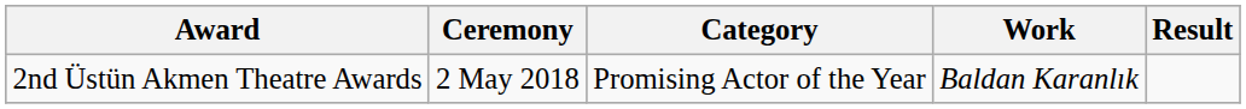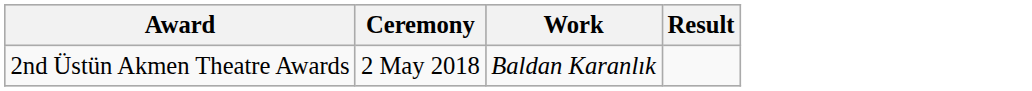 <table class="wikitable sortable" style="font-size: 95%; valign:center">
 <tr>
 <th scope="col">Award</th>
 <th scope="col" class="unsortable">Ceremony</th>
-<th scope="col">Category</th>
 <th scope="col">Work</th>
 <th scope="col">Result</th>
 </tr>
 <tr>
 <td>2nd Üstün Akmen Theatre Awards</td>
 <td>2 May 2018</td>
-<td>Promising Actor of the Year</td>
 <td><em>Baldan Karanlık</em></td>
 <td></td>
 </tr>
 </table>
